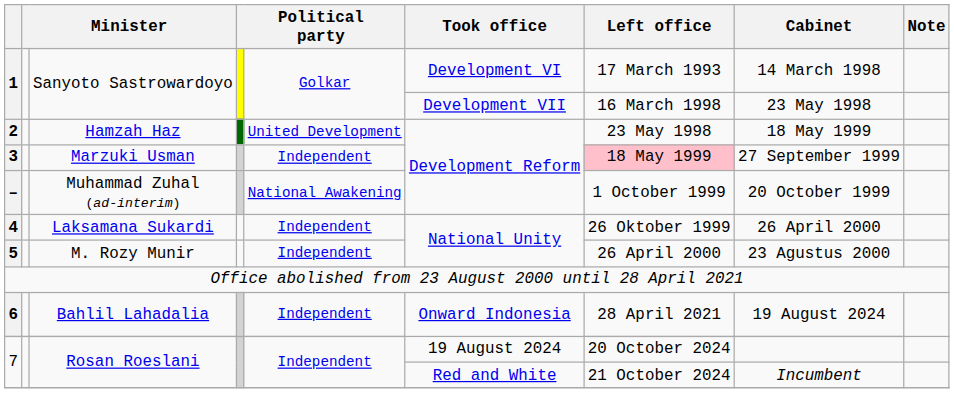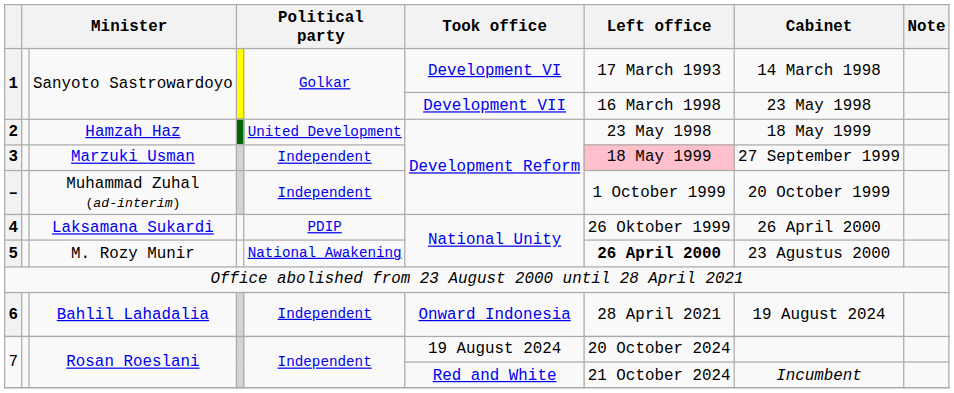 <table class="wikitable" style="text-align:center">
 <tr>
 <th></th>
 <th colspan=2>Minister</th>
 <th colspan=2>Political<br>party</th>
 <th>Took office</th>
 <th>Left office</th>
 <th>Cabinet</th>
 <th>Note</th>
 </tr>
 <tr>
 <th rowspan=2>1</th>
 <td rowspan=2></td>
 <td rowspan=2>Sanyoto Sastrowardoyo</td>
 <td bgcolor=#ffff00 rowspan="2"></td>
 <td rowspan=2 style="font-size: 90%"><a href='#'>Golkar</a></td>
 <td><a href='#'>Development VI</a></td>
 <td>17 March 1993</td>
 <td>14 March 1998</td>
 <td><br><br></td>
 </tr>
 <tr>
 <td><a href='#'>Development VII</a></td>
 <td>16 March 1998</td>
 <td>23 May 1998</td>
 <td><br></td>
 </tr>
 <tr>
 <th>2</th>
 <td></td>
 <td><a href='#'>Hamzah Haz</a></td>
 <td bgcolor=#006600></td>
 <td style="font-size: 90%"><a href='#'>United Development</a></td>
 <td rowspan=3><a href='#'>Development Reform</a></td>
 <td>23 May 1998</td>
 <td>18 May 1999</td>
 <td><br></td>
 </tr>
 <tr>
 <th>3</th>
 <td></td>
 <td><a href='#'>Marzuki Usman</a></td>
 <td bgcolor=#d3d3d3></td>
 <td style="font-size: 90%"><a href='#'>Independent</a></td>
 <td style="background: pink;">18 May 1999</td>
 <td>27 September 1999</td>
 <td><br></td>
 </tr>
 <tr>
 <th>–</th>
 <td></td>
 <td>Muhammad Zuhal<br><small>(<em>ad-interim</em>)</small></td>
 <td bgcolor=#d3d3d3></td>
-<td style="font-size: 90%"><a href='#'>National Awakening</a></td>
+<td style="font-size: 90%"><a href='#'>Independent</a></td>
 <td>1 October 1999</td>
 <td>20 October 1999</td>
 <td></td>
 </tr>
 <tr>
 <th>4</th>
 <td></td>
 <td><a href='#'>Laksamana Sukardi</a></td>
 <td bgcolor=></td>
-<td style="font-size: 90%"><a href='#'>Independent</a></td>
+<td style="font-size: 90%"><a href='#'>PDIP</a></td>
 <td rowspan=2><a href='#'>National Unity</a></td>
 <td>26 Oktober 1999</td>
 <td>26 April 2000</td>
 <td></td>
 </tr>
 <tr>
 <th>5</th>
 <td></td>
 <td>M. Rozy Munir</td>
 <td bgcolor=></td>
-<td style="font-size: 90%"><a href='#'>Independent</a></td>
-<td>26 April 2000</td>
+<td style="font-size: 90%"><a href='#'>National Awakening</a></td>
+<td><strong>26 April 2000</strong></td>
 <td>23 Agustus 2000</td>
 <td></td>
 </tr>
 <tr>
 <td colspan="9"><em>Office abolished from 23 August 2000 until 28 April 2021</em></td>
 </tr>
 <tr>
 <th>6</th>
 <td></td>
 <td><a href='#'>Bahlil Lahadalia</a></td>
 <td bgcolor=#d3d3d3></td>
 <td style="font-size: 90%"><a href='#'>Independent</a></td>
 <td rowspan=2><a href='#'>Onward Indonesia</a></td>
 <td>28 April 2021</td>
 <td>19 August 2024</td>
 <td><br><br></td>
 </tr>
 <tr>
 </tr>
 <tr>
 <td rowspan=2>7</td>
 <td rowspan=2></td>
 <td rowspan=2><a href='#'>Rosan Roeslani</a></td>
 <td rowspan=2 bgcolor=#d3d3d3></td>
 <td rowspan=2 style="font-size: 90%"><a href='#'>Independent</a></td>
 <td>19 August 2024</td>
 <td>20 October 2024</td>
 <td></td>
 </tr>
 <tr>
 <td><a href='#'>Red and White</a></td>
 <td>21 October 2024</td>
 <td><em>Incumbent</em></td>
 <td><br></td>
 </tr>
 <tr>
 </tr>
 </table>
